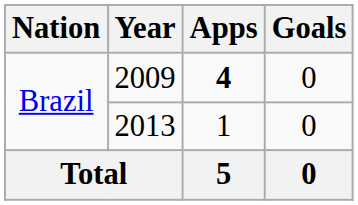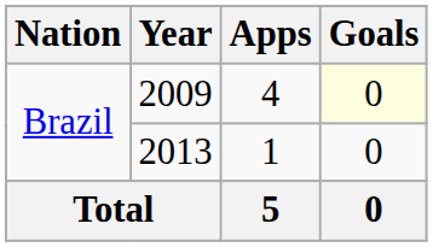 <table class="wikitable" style="text-align:center">
 <tr>
 <th>Nation</th>
 <th>Year</th>
 <th>Apps</th>
 <th>Goals</th>
 </tr>
 <tr>
 <td rowspan=2><a href='#'>Brazil</a></td>
 <td>2009</td>
-<td><strong>4</strong></td>
-<td>0</td>
+<td>4</td>
+<td style="background: lightyellow;">0</td>
 </tr>
 <tr>
 <td>2013</td>
 <td>1</td>
 <td>0</td>
 </tr>
 <tr>
 <th colspan=2>Total</th>
 <th>5</th>
 <th>0</th>
 </tr>
 </table>
